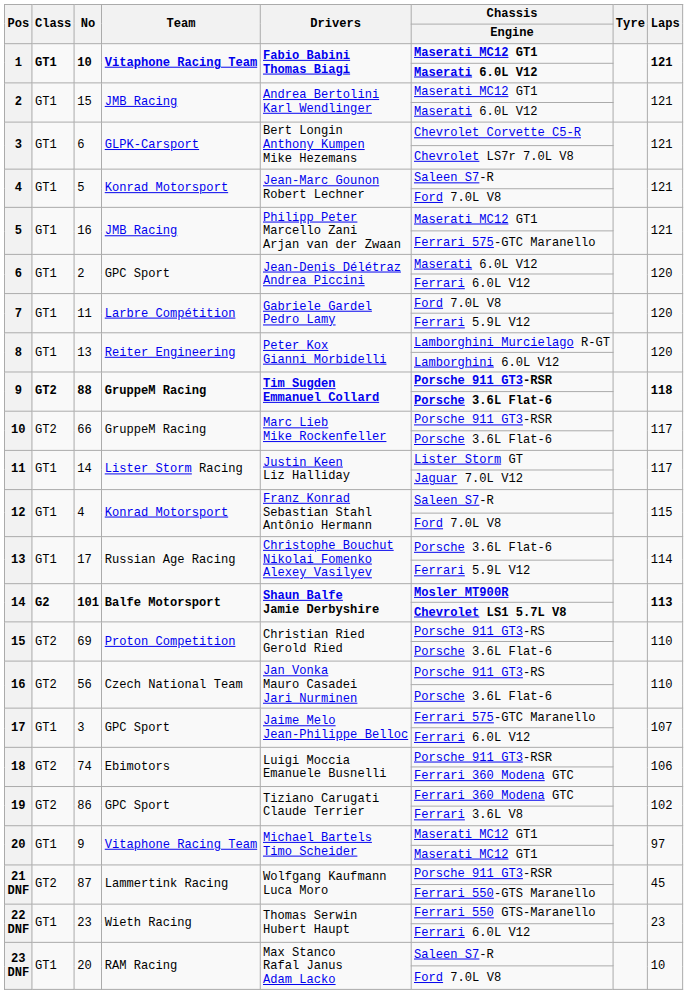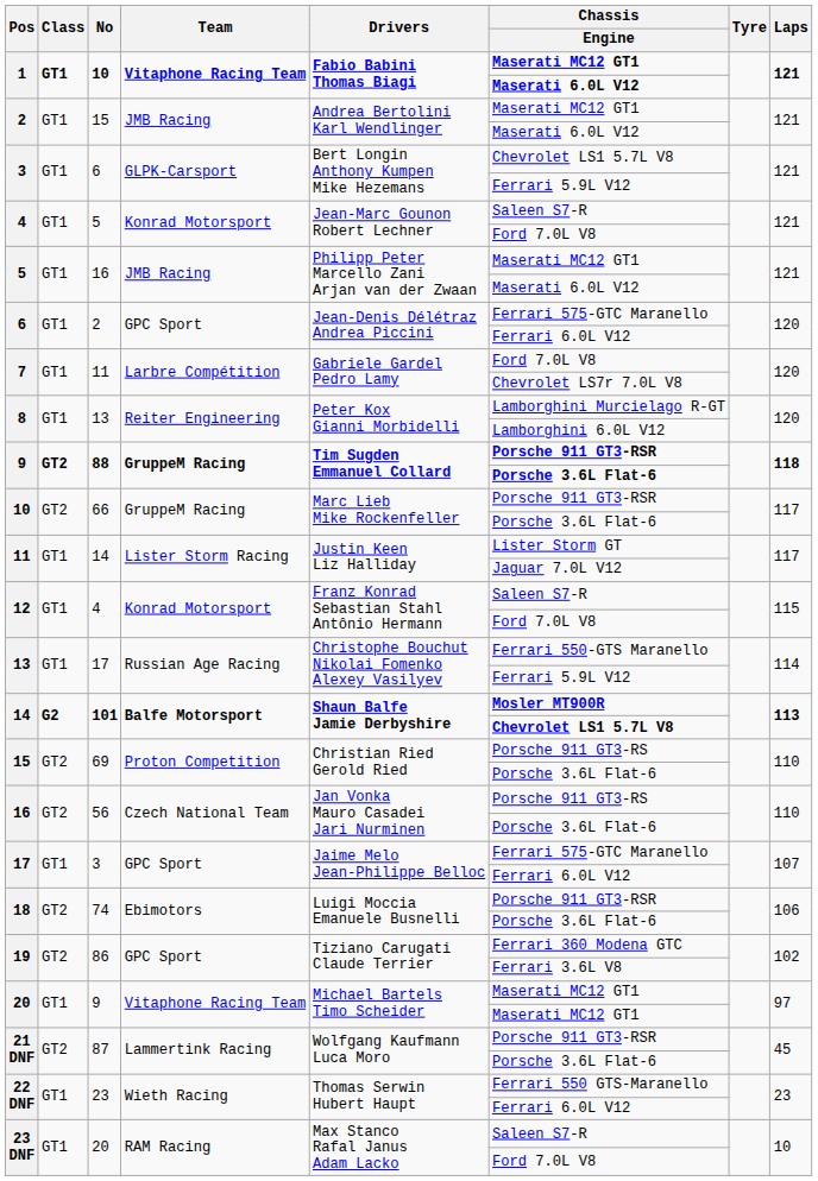 <table class="wikitable" style="font-size: 95%;">
 <tr>
 <th rowspan=2>Pos</th>
 <th rowspan=2>Class</th>
 <th rowspan=2>No</th>
 <th rowspan=2>Team</th>
 <th rowspan=2>Drivers</th>
 <th>Chassis</th>
 <th rowspan=2>Tyre</th>
 <th rowspan=2>Laps</th>
 </tr>
 <tr>
 <th>Engine</th>
 </tr>
 <tr style="font-weight:bold">
 <th rowspan=2>1</th>
 <td rowspan=2>GT1</td>
 <td rowspan=2>10</td>
 <td rowspan=2> <a href='#'>Vitaphone Racing Team</a></td>
 <td rowspan=2> <a href='#'>Fabio Babini</a><br> <a href='#'>Thomas Biagi</a></td>
 <td><a href='#'>Maserati MC12</a> GT1</td>
 <td rowspan=2></td>
 <td rowspan=2>121</td>
 </tr>
 <tr style="font-weight:bold">
 <td><a href='#'>Maserati</a> 6.0L V12</td>
 </tr>
 <tr>
 <th rowspan=2>2</th>
 <td rowspan=2>GT1</td>
 <td rowspan=2>15</td>
 <td rowspan=2> <a href='#'>JMB Racing</a></td>
 <td rowspan=2> <a href='#'>Andrea Bertolini</a><br> <a href='#'>Karl Wendlinger</a></td>
 <td><a href='#'>Maserati MC12</a> GT1</td>
 <td rowspan=2></td>
 <td rowspan=2>121</td>
 </tr>
 <tr>
 <td><a href='#'>Maserati</a> 6.0L V12</td>
 </tr>
 <tr>
 <th rowspan=2>3</th>
 <td rowspan=2>GT1</td>
 <td rowspan=2>6</td>
 <td rowspan=2> <a href='#'>GLPK-Carsport</a></td>
 <td rowspan=2> Bert Longin<br> <a href='#'>Anthony Kumpen</a><br> Mike Hezemans</td>
-<td><a href='#'>Chevrolet Corvette C5-R</a></td>
+<td><a href='#'>Chevrolet</a> LS1 5.7L V8</td>
 <td rowspan=2></td>
 <td rowspan=2>121</td>
 </tr>
 <tr>
-<td><a href='#'>Chevrolet</a> LS7r 7.0L V8</td>
+<td><a href='#'>Ferrari</a> 5.9L V12</td>
 </tr>
 <tr>
 <th rowspan=2>4</th>
 <td rowspan=2>GT1</td>
 <td rowspan=2>5</td>
 <td rowspan=2> <a href='#'>Konrad Motorsport</a></td>
 <td rowspan=2> <a href='#'>Jean-Marc Gounon</a><br> Robert Lechner</td>
 <td><a href='#'>Saleen S7</a>-R</td>
 <td rowspan=2></td>
 <td rowspan=2>121</td>
 </tr>
 <tr>
 <td><a href='#'>Ford</a> 7.0L V8</td>
 </tr>
 <tr>
 <th rowspan=2>5</th>
 <td rowspan=2>GT1</td>
 <td rowspan=2>16</td>
 <td rowspan=2> <a href='#'>JMB Racing</a></td>
 <td rowspan=2> <a href='#'>Philipp Peter</a><br> Marcello Zani<br> Arjan van der Zwaan</td>
 <td><a href='#'>Maserati MC12</a> GT1</td>
 <td rowspan=2></td>
 <td rowspan=2>121</td>
 </tr>
 <tr>
-<td><a href='#'>Ferrari 575</a>-GTC Maranello</td>
+<td><a href='#'>Maserati</a> 6.0L V12</td>
 </tr>
 <tr>
 <th rowspan=2>6</th>
 <td rowspan=2>GT1</td>
 <td rowspan=2>2</td>
 <td rowspan=2> GPC Sport</td>
 <td rowspan=2> <a href='#'>Jean-Denis Délétraz</a><br> <a href='#'>Andrea Piccini</a></td>
-<td><a href='#'>Maserati</a> 6.0L V12</td>
+<td><a href='#'>Ferrari 575</a>-GTC Maranello</td>
 <td rowspan=2></td>
 <td rowspan=2>120</td>
 </tr>
 <tr>
 <td><a href='#'>Ferrari</a> 6.0L V12</td>
 </tr>
 <tr>
 <th rowspan=2>7</th>
 <td rowspan=2>GT1</td>
 <td rowspan=2>11</td>
 <td rowspan=2> <a href='#'>Larbre Compétition</a></td>
 <td rowspan=2> <a href='#'>Gabriele Gardel</a><br> <a href='#'>Pedro Lamy</a></td>
 <td><a href='#'>Ford</a> 7.0L V8</td>
 <td rowspan=2></td>
 <td rowspan=2>120</td>
 </tr>
 <tr>
-<td><a href='#'>Ferrari</a> 5.9L V12</td>
+<td><a href='#'>Chevrolet</a> LS7r 7.0L V8</td>
 </tr>
 <tr>
 <th rowspan=2>8</th>
 <td rowspan=2>GT1</td>
 <td rowspan=2>13</td>
 <td rowspan=2> <a href='#'>Reiter Engineering</a></td>
 <td rowspan=2> <a href='#'>Peter Kox</a><br> <a href='#'>Gianni Morbidelli</a></td>
 <td><a href='#'>Lamborghini Murcielago</a> R-GT</td>
 <td rowspan=2></td>
 <td rowspan=2>120</td>
 </tr>
 <tr>
 <td><a href='#'>Lamborghini</a> 6.0L V12</td>
 </tr>
 <tr style="font-weight:bold">
 <th rowspan=2>9</th>
 <td rowspan=2>GT2</td>
 <td rowspan=2>88</td>
 <td rowspan=2> GruppeM Racing</td>
 <td rowspan=2> <a href='#'>Tim Sugden</a><br> <a href='#'>Emmanuel Collard</a></td>
 <td><a href='#'>Porsche 911 GT3</a>-RSR</td>
 <td rowspan=2></td>
 <td rowspan=2>118</td>
 </tr>
 <tr style="font-weight:bold">
 <td><a href='#'>Porsche</a> 3.6L Flat-6</td>
 </tr>
 <tr>
 <th rowspan=2>10</th>
 <td rowspan=2>GT2</td>
 <td rowspan=2>66</td>
 <td rowspan=2> GruppeM Racing</td>
 <td rowspan=2> <a href='#'>Marc Lieb</a><br> <a href='#'>Mike Rockenfeller</a></td>
 <td><a href='#'>Porsche 911 GT3</a>-RSR</td>
 <td rowspan=2></td>
 <td rowspan=2>117</td>
 </tr>
 <tr>
 <td><a href='#'>Porsche</a> 3.6L Flat-6</td>
 </tr>
 <tr>
 <th rowspan=2>11</th>
 <td rowspan=2>GT1</td>
 <td rowspan=2>14</td>
 <td rowspan=2> <a href='#'>Lister Storm</a> Racing</td>
 <td rowspan=2> <a href='#'>Justin Keen</a><br> Liz Halliday</td>
 <td><a href='#'>Lister Storm</a> GT</td>
 <td rowspan=2></td>
 <td rowspan=2>117</td>
 </tr>
 <tr>
 <td><a href='#'>Jaguar</a> 7.0L V12</td>
 </tr>
 <tr>
 <th rowspan=2>12</th>
 <td rowspan=2>GT1</td>
 <td rowspan=2>4</td>
 <td rowspan=2> <a href='#'>Konrad Motorsport</a></td>
 <td rowspan=2> <a href='#'>Franz Konrad</a><br> Sebastian Stahl<br> Antônio Hermann</td>
 <td><a href='#'>Saleen S7</a>-R</td>
 <td rowspan=2></td>
 <td rowspan=2>115</td>
 </tr>
 <tr>
 <td><a href='#'>Ford</a> 7.0L V8</td>
 </tr>
 <tr>
 <th rowspan=2>13</th>
 <td rowspan=2>GT1</td>
 <td rowspan=2>17</td>
 <td rowspan=2> Russian Age Racing</td>
 <td rowspan=2> <a href='#'>Christophe Bouchut</a><br> <a href='#'>Nikolai Fomenko</a><br> <a href='#'>Alexey Vasilyev</a></td>
-<td><a href='#'>Porsche</a> 3.6L Flat-6</td>
+<td><a href='#'>Ferrari 550</a>-GTS Maranello</td>
 <td rowspan=2></td>
 <td rowspan=2>114</td>
 </tr>
 <tr>
 <td><a href='#'>Ferrari</a> 5.9L V12</td>
 </tr>
 <tr style="font-weight:bold">
 <th rowspan=2>14</th>
 <td rowspan=2>G2</td>
 <td rowspan=2>101</td>
 <td rowspan=2> Balfe Motorsport</td>
 <td rowspan=2> <a href='#'>Shaun Balfe</a><br> Jamie Derbyshire</td>
 <td><a href='#'>Mosler MT900R</a></td>
 <td rowspan=2></td>
 <td rowspan=2>113</td>
 </tr>
 <tr style="font-weight:bold">
 <td><a href='#'>Chevrolet</a> LS1 5.7L V8</td>
 </tr>
 <tr>
 <th rowspan=2>15</th>
 <td rowspan=2>GT2</td>
 <td rowspan=2>69</td>
 <td rowspan=2> <a href='#'>Proton Competition</a></td>
 <td rowspan=2> Christian Ried<br> Gerold Ried</td>
 <td><a href='#'>Porsche 911 GT3</a>-RS</td>
 <td rowspan=2></td>
 <td rowspan=2>110</td>
 </tr>
 <tr>
 <td><a href='#'>Porsche</a> 3.6L Flat-6</td>
 </tr>
 <tr>
 <th rowspan=2>16</th>
 <td rowspan=2>GT2</td>
 <td rowspan=2>56</td>
 <td rowspan=2> Czech National Team</td>
 <td rowspan=2> <a href='#'>Jan Vonka</a><br> Mauro Casadei<br> <a href='#'>Jari Nurminen</a></td>
 <td><a href='#'>Porsche 911 GT3</a>-RS</td>
 <td rowspan=2></td>
 <td rowspan=2>110</td>
 </tr>
 <tr>
 <td><a href='#'>Porsche</a> 3.6L Flat-6</td>
 </tr>
 <tr>
 <th rowspan=2>17</th>
 <td rowspan=2>GT1</td>
 <td rowspan=2>3</td>
 <td rowspan=2> GPC Sport</td>
 <td rowspan=2> <a href='#'>Jaime Melo</a><br> <a href='#'>Jean-Philippe Belloc</a></td>
 <td><a href='#'>Ferrari 575</a>-GTC Maranello</td>
 <td rowspan=2></td>
 <td rowspan=2>107</td>
 </tr>
 <tr>
 <td><a href='#'>Ferrari</a> 6.0L V12</td>
 </tr>
 <tr>
 <th rowspan=2>18</th>
 <td rowspan=2>GT2</td>
 <td rowspan=2>74</td>
 <td rowspan=2> Ebimotors</td>
 <td rowspan=2> Luigi Moccia<br> Emanuele Busnelli</td>
 <td><a href='#'>Porsche 911 GT3</a>-RSR</td>
 <td rowspan=2></td>
 <td rowspan=2>106</td>
 </tr>
 <tr>
-<td><a href='#'>Ferrari 360 Modena</a> GTC</td>
+<td><a href='#'>Porsche</a> 3.6L Flat-6</td>
 </tr>
 <tr>
 <th rowspan=2>19</th>
 <td rowspan=2>GT2</td>
 <td rowspan=2>86</td>
 <td rowspan=2> GPC Sport</td>
 <td rowspan=2> Tiziano Carugati<br> Claude Terrier</td>
 <td><a href='#'>Ferrari 360 Modena</a> GTC</td>
 <td rowspan=2></td>
 <td rowspan=2>102</td>
 </tr>
 <tr>
 <td><a href='#'>Ferrari</a> 3.6L V8</td>
 </tr>
 <tr>
 <th rowspan=2>20</th>
 <td rowspan=2>GT1</td>
 <td rowspan=2>9</td>
 <td rowspan=2> <a href='#'>Vitaphone Racing Team</a></td>
 <td rowspan=2> <a href='#'>Michael Bartels</a><br> <a href='#'>Timo Scheider</a></td>
 <td><a href='#'>Maserati MC12</a> GT1</td>
 <td rowspan=2></td>
 <td rowspan=2>97</td>
 </tr>
 <tr>
 <td><a href='#'>Maserati MC12</a> GT1</td>
 </tr>
 <tr>
 <th rowspan=2>21<br>DNF</th>
 <td rowspan=2>GT2</td>
 <td rowspan=2>87</td>
 <td rowspan=2> Lammertink Racing</td>
 <td rowspan=2> Wolfgang Kaufmann<br> Luca Moro</td>
 <td><a href='#'>Porsche 911 GT3</a>-RSR</td>
 <td rowspan=2></td>
 <td rowspan=2>45</td>
 </tr>
 <tr>
-<td><a href='#'>Ferrari 550</a>-GTS Maranello</td>
+<td><a href='#'>Porsche</a> 3.6L Flat-6</td>
 </tr>
 <tr>
 <th rowspan=2>22<br>DNF</th>
 <td rowspan=2>GT1</td>
 <td rowspan=2>23</td>
 <td rowspan=2> Wieth Racing</td>
 <td rowspan=2> Thomas Serwin<br> Hubert Haupt</td>
 <td><a href='#'>Ferrari 550</a> GTS-Maranello</td>
 <td rowspan=2></td>
 <td rowspan=2>23</td>
 </tr>
 <tr>
 <td><a href='#'>Ferrari</a> 6.0L V12</td>
 </tr>
 <tr>
 <th rowspan=2>23<br>DNF</th>
 <td rowspan=2>GT1</td>
 <td rowspan=2>20</td>
 <td rowspan=2> RAM Racing</td>
 <td rowspan=2> Max Stanco<br> Rafal Janus<br> <a href='#'>Adam Lacko</a></td>
 <td><a href='#'>Saleen S7</a>-R</td>
 <td rowspan=2></td>
 <td rowspan=2>10</td>
 </tr>
 <tr>
 <td><a href='#'>Ford</a> 7.0L V8</td>
 </tr>
 </table>
